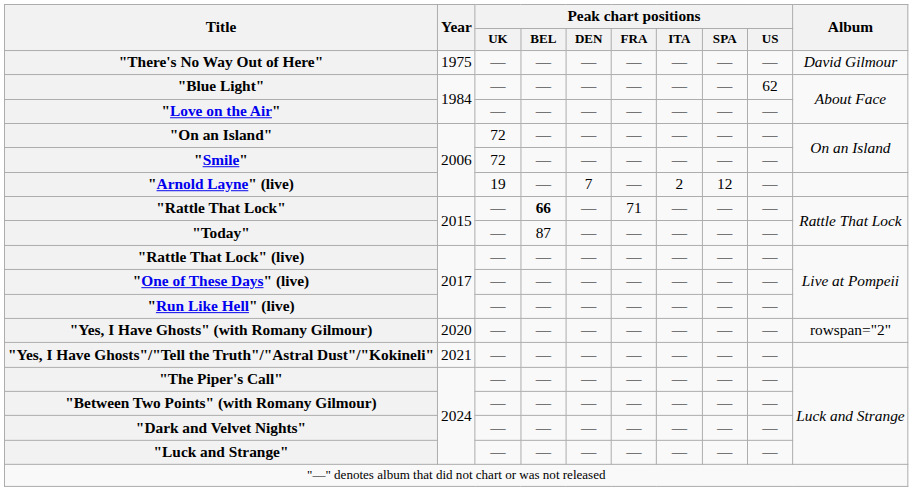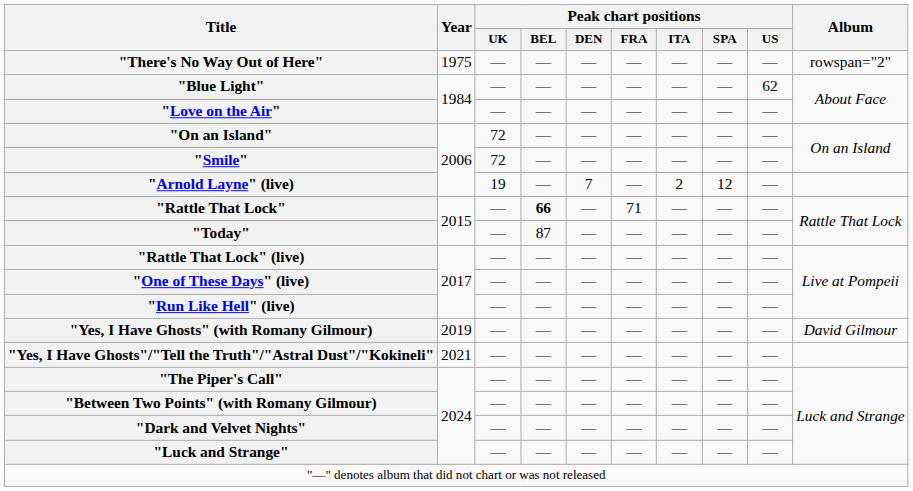 <table class="wikitable plainrowheaders" style="text-align:center;" border="1">
 <tr>
 <th scope="col" rowspan="2">Title</th>
 <th scope="col" rowspan="2">Year</th>
 <th scope="col" colspan="7">Peak chart positions</th>
 <th scope="col" rowspan="2">Album</th>
 </tr>
 <tr>
 <th scope="col" style="width:3em;font-size:85%;">UK<br></th>
 <th scope="col" style="width:3em;font-size:85%;">BEL<br></th>
 <th scope="col" style="width:3em;font-size:85%;">DEN<br></th>
 <th scope="col" style="width:3em;font-size:85%;">FRA<br></th>
 <th scope="col" style="width:3em;font-size:85%;">ITA<br></th>
 <th scope="col" style="width:3em;font-size:85%;">SPA<br></th>
 <th scope="col" style="width:3em;font-size:85%;">US<br></th>
 </tr>
 <tr>
 <th scope="row">"There's No Way Out of Here"</th>
 <td>1975</td>
 <td>—</td>
 <td>—</td>
 <td>—</td>
 <td>—</td>
 <td>—</td>
 <td>—</td>
 <td>—</td>
-<td><em>David Gilmour</em></td>
+<td>rowspan="2" </td>
 </tr>
 <tr>
 <th scope="row">"Blue Light"</th>
 <td rowspan=2>1984</td>
 <td>—</td>
 <td>—</td>
 <td>—</td>
 <td>—</td>
 <td>—</td>
 <td>—</td>
 <td>62</td>
 <td rowspan=2><em>About Face</em></td>
 </tr>
 <tr>
 <th scope="row">"<a href='#'>Love on the Air</a>"</th>
 <td>—</td>
 <td>—</td>
 <td>—</td>
 <td>—</td>
 <td>—</td>
 <td>—</td>
 <td>—</td>
 </tr>
 <tr>
 <th scope="row">"On an Island"</th>
 <td rowspan=3>2006</td>
 <td>72</td>
 <td>—</td>
 <td>—</td>
 <td>—</td>
 <td>—</td>
 <td>—</td>
 <td>—</td>
 <td rowspan=2><em>On an Island</em></td>
 </tr>
 <tr>
 <th scope="row">"<a href='#'>Smile</a>"</th>
 <td>72</td>
 <td>—</td>
 <td>—</td>
 <td>—</td>
 <td>—</td>
 <td>—</td>
 <td>—</td>
 </tr>
 <tr>
 <th scope="row">"<a href='#'>Arnold Layne</a>" (live)</th>
 <td>19</td>
 <td>—</td>
 <td>7</td>
 <td>—</td>
 <td>2</td>
 <td>12</td>
 <td>—</td>
 <td></td>
 </tr>
 <tr>
 <th scope="row">"Rattle That Lock"</th>
 <td rowspan=2>2015</td>
 <td>—</td>
 <td><strong>66</strong></td>
 <td>—</td>
 <td>71</td>
 <td>—</td>
 <td>—</td>
 <td>—</td>
 <td rowspan=2><em>Rattle That Lock</em></td>
 </tr>
 <tr>
 <th scope="row">"Today"</th>
 <td>—</td>
 <td>87</td>
 <td>—</td>
 <td>—</td>
 <td>—</td>
 <td>—</td>
 <td>—</td>
 </tr>
 <tr>
 <th scope="row">"Rattle That Lock" (live)</th>
 <td rowspan=3>2017</td>
 <td>—</td>
 <td>—</td>
 <td>—</td>
 <td>—</td>
 <td>—</td>
 <td>—</td>
 <td>—</td>
 <td rowspan=3><em>Live at Pompeii</em></td>
 </tr>
 <tr>
 <th scope="row">"<a href='#'>One of These Days</a>" (live)</th>
 <td>—</td>
 <td>—</td>
 <td>—</td>
 <td>—</td>
 <td>—</td>
 <td>—</td>
 <td>—</td>
 </tr>
 <tr>
 <th scope="row">"<a href='#'>Run Like Hell</a>" (live)</th>
 <td>—</td>
 <td>—</td>
 <td>—</td>
 <td>—</td>
 <td>—</td>
 <td>—</td>
 <td>—</td>
 </tr>
 <tr>
 <th scope="row">"Yes, I Have Ghosts" (with Romany Gilmour)</th>
-<td>2020</td>
+<td>2019</td>
 <td>—</td>
 <td>—</td>
 <td>—</td>
 <td>—</td>
 <td>—</td>
 <td>—</td>
 <td>—</td>
-<td>rowspan="2" </td>
+<td><em>David Gilmour</em></td>
 </tr>
 <tr>
 <th scope="row">"Yes, I Have Ghosts"/"Tell the Truth"/"Astral Dust"/"Kokineli"</th>
 <td>2021</td>
 <td>—</td>
 <td>—</td>
 <td>—</td>
 <td>—</td>
 <td>—</td>
 <td>—</td>
 <td>—</td>
 </tr>
 <tr>
 <th scope="row">"The Piper's Call"</th>
 <td rowspan="4">2024</td>
 <td>—</td>
 <td>—</td>
 <td>—</td>
 <td>—</td>
 <td>—</td>
 <td>—</td>
 <td>—</td>
 <td rowspan="4"><em>Luck and Strange</em></td>
 </tr>
 <tr>
 <th scope="row">"Between Two Points" (with Romany Gilmour)</th>
 <td>—</td>
 <td>—</td>
 <td>—</td>
 <td>—</td>
 <td>—</td>
 <td>—</td>
 <td>—</td>
 </tr>
 <tr>
 <th scope="row">"Dark and Velvet Nights"</th>
 <td>—</td>
 <td>—</td>
 <td>—</td>
 <td>—</td>
 <td>—</td>
 <td>—</td>
 <td>—</td>
 </tr>
 <tr>
 <th scope="row">"Luck and Strange"</th>
 <td>—</td>
 <td>—</td>
 <td>—</td>
 <td>—</td>
 <td>—</td>
 <td>—</td>
 <td>—</td>
 </tr>
 <tr>
 <td colspan="10" style="font-size:85%">"—" denotes album that did not chart or was not released</td>
 </tr>
 </table>
